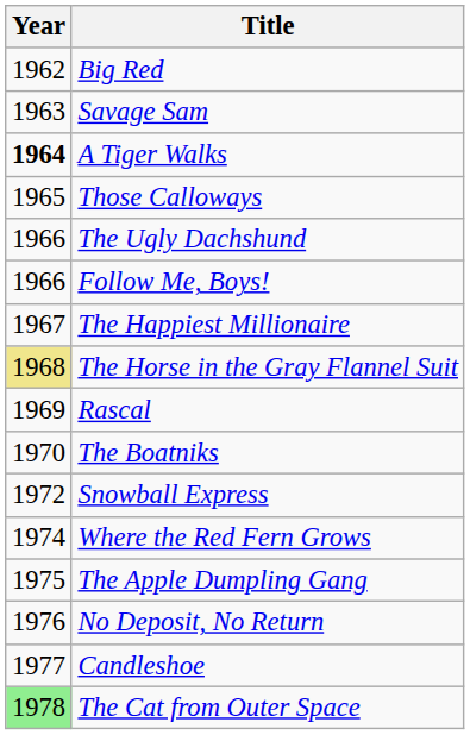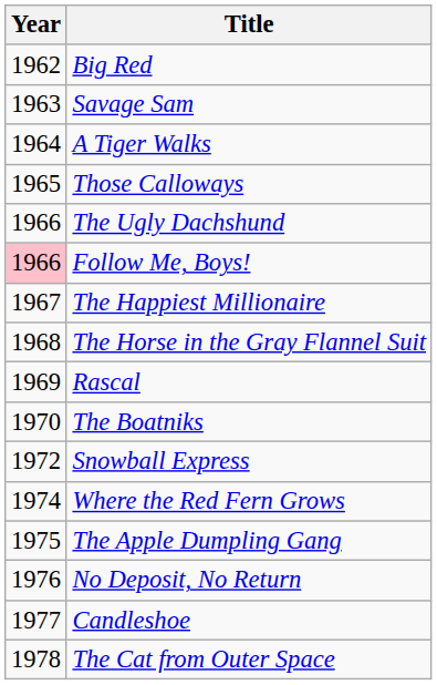 <table class="wikitable">
 <tr>
 <th>Year</th>
 <th>Title</th>
 </tr>
 <tr>
 <td>1962</td>
 <td><em><a href='#'>Big Red</a></em></td>
 </tr>
 <tr>
 <td>1963</td>
 <td><em><a href='#'>Savage Sam</a></em></td>
 </tr>
 <tr>
-<td><strong>1964</strong></td>
+<td>1964</td>
 <td><em><a href='#'>A Tiger Walks</a></em></td>
 </tr>
 <tr>
 <td>1965</td>
 <td><em><a href='#'>Those Calloways</a></em></td>
 </tr>
 <tr>
 <td>1966</td>
 <td><em><a href='#'>The Ugly Dachshund</a></em></td>
 </tr>
 <tr>
-<td>1966</td>
+<td style="background: pink;">1966</td>
 <td><em><a href='#'>Follow Me, Boys!</a></em></td>
 </tr>
 <tr>
 <td>1967</td>
 <td><em><a href='#'>The Happiest Millionaire</a></em></td>
 </tr>
 <tr>
-<td style="background: khaki;">1968</td>
+<td>1968</td>
 <td><em><a href='#'>The Horse in the Gray Flannel Suit</a></em></td>
 </tr>
 <tr>
 <td>1969</td>
 <td><em><a href='#'>Rascal</a></em></td>
 </tr>
 <tr>
 <td>1970</td>
 <td><em><a href='#'>The Boatniks</a></em></td>
 </tr>
 <tr>
 <td>1972</td>
 <td><em><a href='#'>Snowball Express</a></em></td>
 </tr>
 <tr>
 <td>1974</td>
 <td><em><a href='#'>Where the Red Fern Grows</a></em></td>
 </tr>
 <tr>
 <td>1975</td>
 <td><em><a href='#'>The Apple Dumpling Gang</a></em></td>
 </tr>
 <tr>
 <td>1976</td>
 <td><em><a href='#'>No Deposit, No Return</a></em></td>
 </tr>
 <tr>
 <td>1977</td>
 <td><em><a href='#'>Candleshoe</a></em></td>
 </tr>
 <tr>
-<td style="background: lightgreen;">1978</td>
+<td>1978</td>
 <td><em><a href='#'>The Cat from Outer Space</a></em></td>
 </tr>
 </table>
